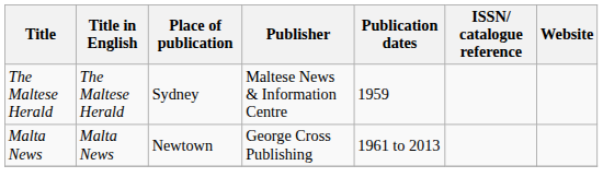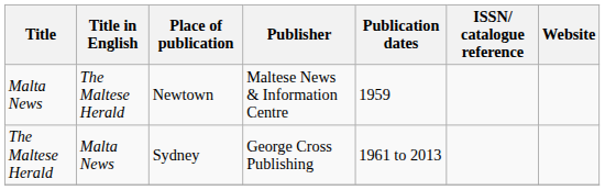 <table class="wikitable sortable">
 <tr>
 <th>Title</th>
 <th>Title in English</th>
 <th>Place of publication</th>
 <th>Publisher</th>
 <th>Publication dates</th>
 <th>ISSN/ catalogue reference</th>
 <th>Website</th>
 </tr>
 <tr>
+<td><em>Malta News</em></td>
 <td><em>The Maltese Herald</em></td>
-<td><em>The Maltese Herald</em></td>
-<td>Sydney</td>
+<td>Newtown</td>
 <td>Maltese News & Information Centre</td>
 <td>1959</td>
 <td></td>
 <td></td>
 </tr>
 <tr>
+<td><em>The Maltese Herald</em></td>
 <td><em>Malta News</em></td>
-<td><em>Malta News</em></td>
-<td>Newtown</td>
+<td>Sydney</td>
 <td>George Cross Publishing</td>
 <td>1961 to 2013</td>
 <td></td>
 <td></td>
 </tr>
 <tr>
 </tr>
 </table>
